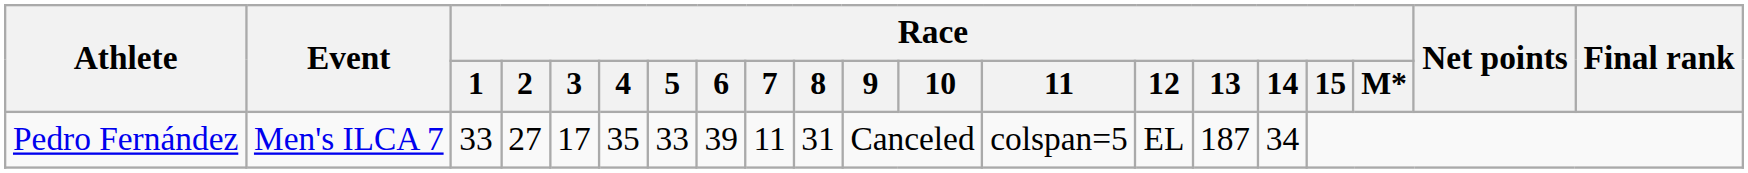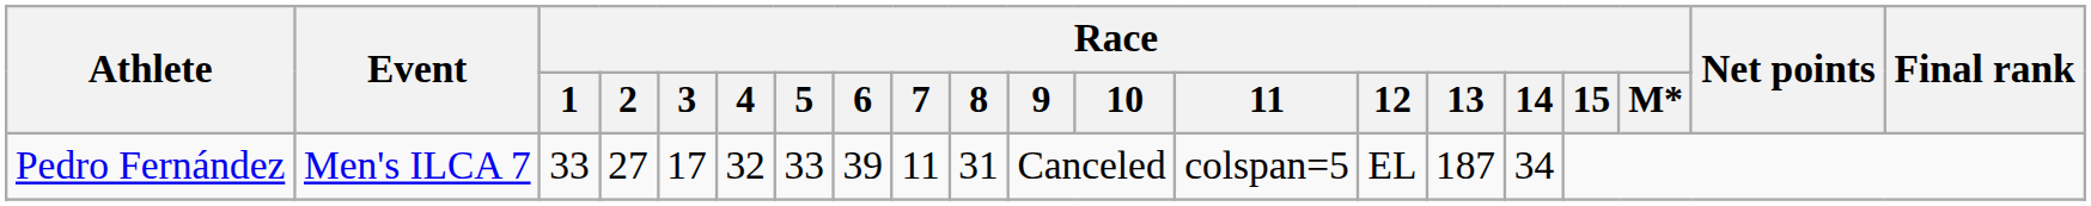 <table class="wikitable" style="font-size:90%">
 <tr>
 <th rowspan="2">Athlete</th>
 <th rowspan="2">Event</th>
 <th colspan=16>Race</th>
 <th rowspan=2>Net points</th>
 <th rowspan=2>Final rank</th>
 </tr>
 <tr style="font-size:95%">
 <th>1</th>
 <th>2</th>
 <th>3</th>
 <th>4</th>
 <th>5</th>
 <th>6</th>
 <th>7</th>
 <th>8</th>
 <th>9</th>
 <th>10</th>
 <th>11</th>
 <th>12</th>
 <th>13</th>
 <th>14</th>
 <th>15</th>
 <th>M*</th>
 </tr>
 <tr align=center>
 <td align=left><a href='#'>Pedro Fernández</a></td>
 <td align=left><a href='#'> Men's ILCA 7</a></td>
 <td>33</td>
 <td>27</td>
 <td>17</td>
-<td>35</td>
+<td>32</td>
 <td>33</td>
 <td>39</td>
 <td>11</td>
 <td>31</td>
 <td colspan=2>Canceled</td>
 <td>colspan=5 </td>
 <td>EL</td>
 <td>187</td>
 <td>34</td>
 </tr>
 </table>
